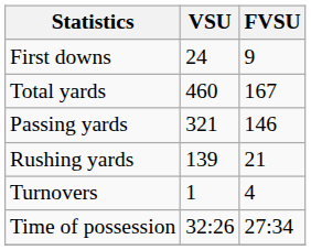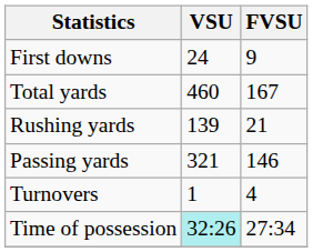 <table class="wikitable" style="float: left;">
 <tr>
 <th>Statistics</th>
 <th>VSU</th>
 <th>FVSU</th>
 </tr>
 <tr>
 <td>First downs</td>
 <td>24</td>
 <td>9</td>
 </tr>
 <tr>
 <td>Total yards</td>
 <td>460</td>
 <td>167</td>
 </tr>
 <tr>
+<td>Rushing yards</td>
+<td>139</td>
+<td>21</td>
+</tr>
+<tr>
 <td>Passing yards</td>
 <td>321</td>
 <td>146</td>
-</tr>
-<tr>
-<td>Rushing yards</td>
-<td>139</td>
-<td>21</td>
 </tr>
 <tr>
 <td>Turnovers</td>
 <td>1</td>
 <td>4</td>
 </tr>
 <tr>
 <td>Time of possession</td>
-<td>32:26</td>
+<td style="background: paleturquoise;">32:26</td>
 <td>27:34</td>
 </tr>
 <tr>
 </tr>
 </table>
